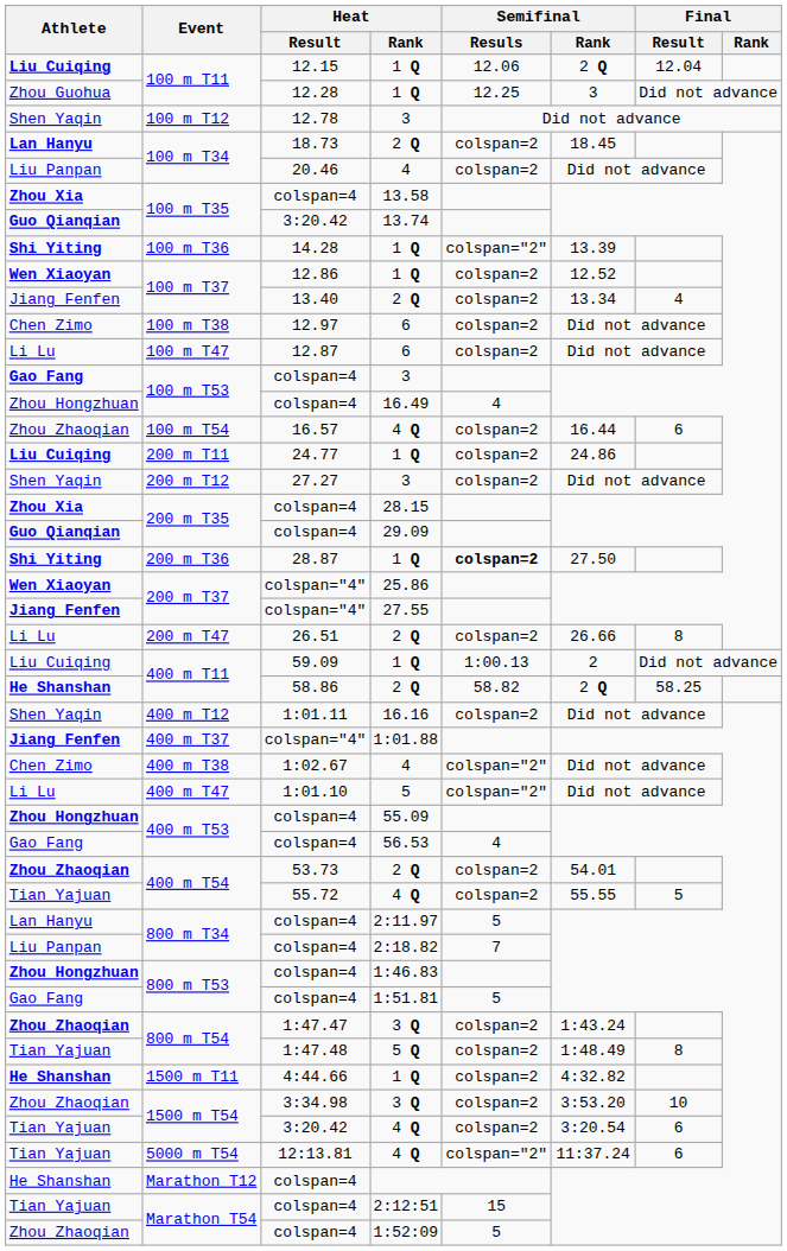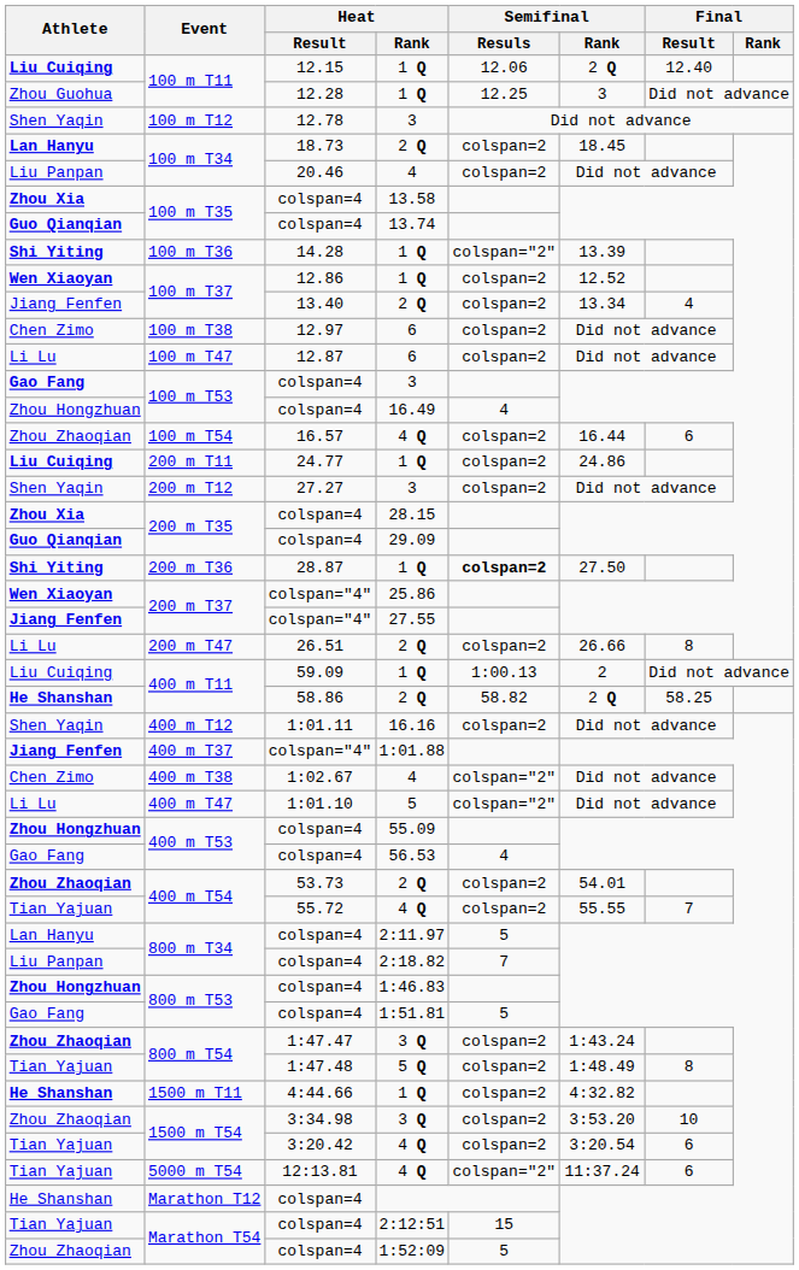 <table class="wikitable" style="font-size:90%">
 <tr>
 <th rowspan="2">Athlete</th>
 <th rowspan="2">Event</th>
 <th colspan="2">Heat</th>
 <th colspan="2">Semifinal</th>
 <th colspan="2">Final</th>
 </tr>
 <tr style="font-size:95%">
 <th>Result</th>
 <th>Rank</th>
 <th>Resuls</th>
 <th>Rank</th>
 <th>Result</th>
 <th>Rank</th>
 </tr>
 <tr align=center>
 <td align=left><strong><a href='#'>Liu Cuiqing</a></strong></td>
 <td align=left rowspan=2><a href='#'>100 m T11</a></td>
 <td>12.15</td>
 <td>1 <strong>Q</strong></td>
 <td>12.06</td>
 <td>2 <strong>Q</strong></td>
-<td>12.04</td>
+<td>12.40</td>
 <td></td>
 </tr>
 <tr align=center>
 <td align=left><a href='#'>Zhou Guohua</a></td>
 <td>12.28</td>
 <td>1 <strong>Q</strong></td>
 <td>12.25</td>
 <td>3</td>
 <td colspan=2>Did not advance</td>
 </tr>
 <tr align=center>
 <td align=left><a href='#'>Shen Yaqin</a></td>
 <td align=left><a href='#'>100 m T12</a></td>
 <td>12.78</td>
 <td>3</td>
 <td colspan=4>Did not advance</td>
 </tr>
 <tr align=center>
 <td align=left><strong><a href='#'>Lan Hanyu</a></strong></td>
 <td align=left rowspan=2><a href='#'>100 m T34</a></td>
 <td>18.73</td>
 <td>2 <strong>Q</strong></td>
 <td>colspan=2 </td>
 <td>18.45</td>
 <td></td>
 </tr>
 <tr align=center>
 <td align=left><a href='#'>Liu Panpan</a></td>
 <td>20.46</td>
 <td>4</td>
 <td>colspan=2 </td>
 <td colspan=2>Did not advance</td>
 </tr>
 <tr align=center>
 <td align=left><strong><a href='#'>Zhou Xia</a></strong></td>
 <td align=left rowspan=2><a href='#'>100 m T35</a></td>
 <td>colspan=4 </td>
 <td>13.58</td>
 <td></td>
 </tr>
 <tr align=center>
 <td align=left><strong><a href='#'>Guo Qianqian</a></strong></td>
-<td>3:20.42</td>
+<td>colspan=4 </td>
 <td>13.74</td>
 <td></td>
 </tr>
 <tr align=center>
 <td align=left><strong><a href='#'>Shi Yiting</a></strong></td>
 <td align=left><a href='#'>100 m T36</a></td>
 <td>14.28</td>
 <td>1 <strong>Q</strong></td>
 <td>colspan="2" </td>
 <td>13.39</td>
 <td></td>
 </tr>
 <tr align=center>
 <td align=left><strong><a href='#'>Wen Xiaoyan</a></strong></td>
 <td align=left rowspan=2><a href='#'>100 m T37</a></td>
 <td>12.86</td>
 <td>1 <strong>Q</strong></td>
 <td>colspan=2 </td>
 <td>12.52</td>
 <td></td>
 </tr>
 <tr align=center>
 <td align=left><a href='#'>Jiang Fenfen</a></td>
 <td>13.40</td>
 <td>2 <strong>Q</strong></td>
 <td>colspan=2 </td>
 <td>13.34</td>
 <td>4</td>
 </tr>
 <tr align=center>
 <td align=left><a href='#'>Chen Zimo</a></td>
 <td align=left><a href='#'>100 m T38</a></td>
 <td>12.97</td>
 <td>6</td>
 <td>colspan=2 </td>
 <td colspan="2">Did not advance</td>
 </tr>
 <tr align=center>
 <td align=left><a href='#'>Li Lu</a></td>
 <td align=left><a href='#'>100 m T47</a></td>
 <td>12.87</td>
 <td>6</td>
 <td>colspan=2 </td>
 <td colspan="2">Did not advance</td>
 </tr>
 <tr align=center>
 <td align=left><strong><a href='#'>Gao Fang</a></strong></td>
 <td align=left rowspan=2><a href='#'>100 m T53</a></td>
 <td>colspan=4 </td>
 <td>3</td>
 <td></td>
 </tr>
 <tr align=center>
 <td align=left><a href='#'>Zhou Hongzhuan</a></td>
 <td>colspan=4 </td>
 <td>16.49</td>
 <td>4</td>
 </tr>
 <tr align=center>
 <td align=left><a href='#'>Zhou Zhaoqian</a></td>
 <td align=left><a href='#'>100 m T54</a></td>
 <td>16.57</td>
 <td>4 <strong>Q</strong></td>
 <td>colspan=2 </td>
 <td>16.44</td>
 <td>6</td>
 </tr>
 <tr align=center>
 <td align=left><strong><a href='#'>Liu Cuiqing</a></strong></td>
 <td align=left><a href='#'>200 m T11</a></td>
 <td>24.77</td>
 <td>1 <strong>Q</strong></td>
 <td>colspan=2 </td>
 <td>24.86</td>
 <td></td>
 </tr>
 <tr align=center>
 <td align=left><a href='#'>Shen Yaqin</a></td>
 <td align=left><a href='#'>200 m T12</a></td>
 <td>27.27</td>
 <td>3</td>
 <td>colspan=2 </td>
 <td colspan="2">Did not advance</td>
 </tr>
 <tr align=center>
 <td align=left><strong><a href='#'>Zhou Xia</a></strong></td>
 <td align=left rowspan=2><a href='#'>200 m T35</a></td>
 <td>colspan=4 </td>
 <td>28.15</td>
 <td></td>
 </tr>
 <tr align=center>
 <td align=left><strong><a href='#'>Guo Qianqian</a></strong></td>
 <td>colspan=4 </td>
 <td>29.09</td>
 <td></td>
 </tr>
 <tr align=center>
 <td align=left><strong><a href='#'>Shi Yiting</a></strong></td>
 <td align=left><a href='#'>200 m T36</a></td>
 <td>28.87</td>
 <td>1 <strong>Q</strong></td>
 <td><strong>colspan=2 </strong></td>
 <td>27.50</td>
 <td></td>
 </tr>
 <tr align=center>
 <td align=left><strong><a href='#'>Wen Xiaoyan</a></strong></td>
 <td align=left rowspan=2><a href='#'>200 m T37</a></td>
 <td>colspan="4" </td>
 <td>25.86</td>
 <td></td>
 </tr>
 <tr align=center>
 <td align=left><strong><a href='#'>Jiang Fenfen</a></strong></td>
 <td>colspan="4" </td>
 <td>27.55</td>
 <td></td>
 </tr>
 <tr align=center>
 <td align=left><a href='#'>Li Lu</a></td>
 <td align=left><a href='#'>200 m T47</a></td>
 <td>26.51</td>
 <td>2 <strong>Q</strong></td>
 <td>colspan=2 </td>
 <td>26.66</td>
 <td>8</td>
 </tr>
 <tr align=center>
 <td align=left><a href='#'>Liu Cuiqing</a></td>
 <td align=left rowspan=2><a href='#'>400 m T11</a></td>
 <td>59.09</td>
 <td>1 <strong>Q</strong></td>
 <td>1:00.13</td>
 <td>2</td>
 <td colspan=2>Did not advance</td>
 </tr>
 <tr align=center>
 <td align=left><strong><a href='#'>He Shanshan</a></strong></td>
 <td>58.86</td>
 <td>2 <strong>Q</strong></td>
 <td>58.82</td>
 <td>2 <strong>Q</strong></td>
 <td>58.25</td>
 <td></td>
 </tr>
 <tr align=center>
 <td align=left><a href='#'>Shen Yaqin</a></td>
 <td align=left><a href='#'>400 m T12</a></td>
 <td>1:01.11</td>
 <td>16.16</td>
 <td>colspan=2 </td>
 <td colspan="2">Did not advance</td>
 </tr>
 <tr align=center>
 <td align=left><strong><a href='#'>Jiang Fenfen</a></strong></td>
 <td align=left><a href='#'>400 m T37</a></td>
 <td>colspan="4" </td>
 <td>1:01.88</td>
 <td></td>
 </tr>
 <tr align=center>
 <td align=left><a href='#'>Chen Zimo</a></td>
 <td align=left><a href='#'>400 m T38</a></td>
 <td>1:02.67</td>
 <td>4</td>
 <td>colspan="2" </td>
 <td colspan="2">Did not advance</td>
 </tr>
 <tr align=center>
 <td align=left><a href='#'>Li Lu</a></td>
 <td align=left><a href='#'>400 m T47</a></td>
 <td>1:01.10</td>
 <td>5</td>
 <td>colspan="2" </td>
 <td colspan="2">Did not advance</td>
 </tr>
 <tr align=center>
 <td align=left><strong><a href='#'>Zhou Hongzhuan</a></strong></td>
 <td align=left rowspan=2><a href='#'>400 m T53</a></td>
 <td>colspan=4 </td>
 <td>55.09</td>
 <td></td>
 </tr>
 <tr align=center>
 <td align=left><a href='#'>Gao Fang</a></td>
 <td>colspan=4 </td>
 <td>56.53</td>
 <td>4</td>
 </tr>
 <tr align=center>
 <td align=left><strong><a href='#'>Zhou Zhaoqian</a></strong></td>
 <td align=left rowspan=2><a href='#'>400 m T54</a></td>
 <td>53.73</td>
 <td>2 <strong>Q</strong></td>
 <td>colspan=2 </td>
 <td>54.01</td>
 <td></td>
 </tr>
 <tr align=center>
 <td align=left><a href='#'>Tian Yajuan</a></td>
 <td>55.72</td>
 <td>4 <strong>Q</strong></td>
 <td>colspan=2 </td>
 <td>55.55</td>
-<td>5</td>
+<td>7</td>
 </tr>
 <tr align=center>
 <td align=left><a href='#'>Lan Hanyu</a></td>
 <td align=left rowspan=2><a href='#'>800 m T34</a></td>
 <td>colspan=4 </td>
 <td>2:11.97</td>
 <td>5</td>
 </tr>
 <tr align=center>
 <td align=left><a href='#'>Liu Panpan</a></td>
 <td>colspan=4 </td>
 <td>2:18.82</td>
 <td>7</td>
 </tr>
 <tr align=center>
 <td align=left><strong><a href='#'>Zhou Hongzhuan</a></strong></td>
 <td align=left rowspan=2><a href='#'>800 m T53</a></td>
 <td>colspan=4 </td>
 <td>1:46.83</td>
 <td></td>
 </tr>
 <tr align=center>
 <td align=left><a href='#'>Gao Fang</a></td>
 <td>colspan=4 </td>
 <td>1:51.81</td>
 <td>5</td>
 </tr>
 <tr align=center>
 <td align=left><strong><a href='#'>Zhou Zhaoqian</a></strong></td>
 <td align=left rowspan=2><a href='#'>800 m T54</a></td>
 <td>1:47.47</td>
 <td>3 <strong>Q</strong></td>
 <td>colspan=2 </td>
 <td>1:43.24</td>
 <td></td>
 </tr>
 <tr align=center>
 <td align=left><a href='#'>Tian Yajuan</a></td>
 <td>1:47.48</td>
 <td>5 <strong>Q</strong></td>
 <td>colspan=2 </td>
 <td>1:48.49</td>
 <td>8</td>
 </tr>
 <tr align=center>
 <td align=left><strong><a href='#'>He Shanshan</a></strong></td>
 <td align=left><a href='#'>1500 m T11</a></td>
 <td>4:44.66</td>
 <td>1 <strong>Q</strong></td>
 <td>colspan=2 </td>
 <td>4:32.82</td>
 <td></td>
 </tr>
 <tr align=center>
 <td align=left><a href='#'>Zhou Zhaoqian</a></td>
 <td align=left rowspan=2><a href='#'>1500 m T54</a></td>
 <td>3:34.98</td>
 <td>3 <strong>Q</strong></td>
 <td>colspan=2 </td>
 <td>3:53.20</td>
 <td>10</td>
 </tr>
 <tr align=center>
 <td align=left><a href='#'>Tian Yajuan</a></td>
 <td>3:20.42</td>
 <td>4 <strong>Q</strong></td>
 <td>colspan=2 </td>
 <td>3:20.54</td>
 <td>6</td>
 </tr>
 <tr align=center>
 <td align=left><a href='#'>Tian Yajuan</a></td>
 <td align=left><a href='#'>5000 m T54</a></td>
 <td>12:13.81</td>
 <td>4 <strong>Q</strong></td>
 <td>colspan="2" </td>
 <td>11:37.24</td>
 <td>6</td>
 </tr>
 <tr align=center>
 <td align=left><a href='#'>He Shanshan</a></td>
 <td align=left><a href='#'>Marathon T12</a></td>
 <td>colspan=4 </td>
 <td colspan=2></td>
 </tr>
 <tr align=center>
 <td align=left><a href='#'>Tian Yajuan</a></td>
 <td align=left rowspan="2"><a href='#'>Marathon T54</a></td>
 <td>colspan=4 </td>
 <td>2:12:51</td>
 <td>15</td>
 </tr>
 <tr align=center>
 <td align=left><a href='#'>Zhou Zhaoqian</a></td>
 <td>colspan=4 </td>
 <td>1:52:09</td>
 <td>5</td>
 </tr>
 </table>
